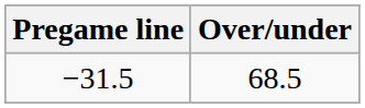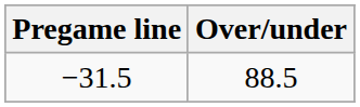 <table class="wikitable" style="margin-left: auto; margin-right: auto; border: none; display: inline-table;">
 <tr align="center">
 <th style=>Pregame line</th>
 <th style=>Over/under</th>
 </tr>
 <tr align="center">
 <td>−31.5</td>
-<td>68.5</td>
+<td>88.5</td>
 </tr>
 </table>
